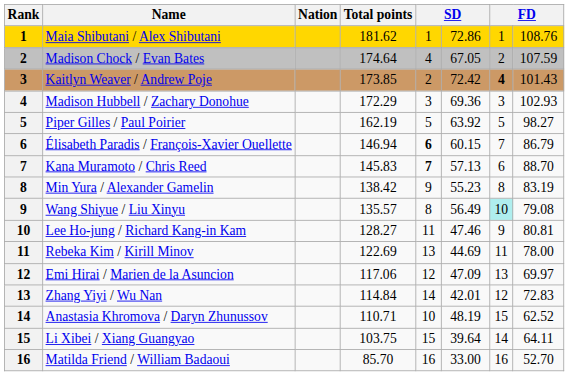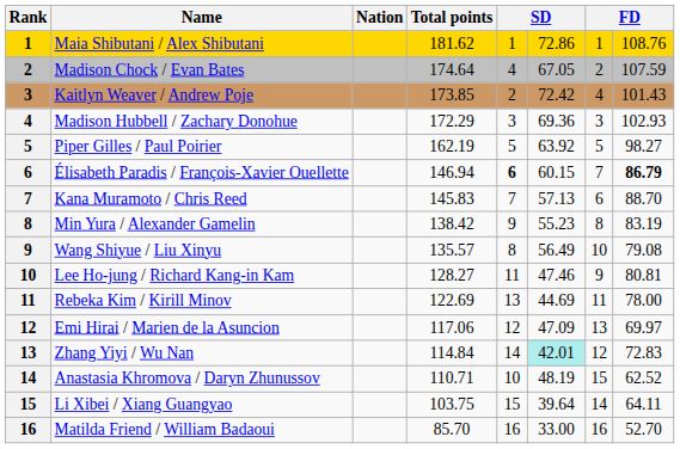 <table class="wikitable sortable">
 <tr>
 <th>Rank</th>
 <th>Name</th>
 <th>Nation</th>
 <th>Total points</th>
 <th colspan="2" width="80px"><a href='#'>SD</a></th>
 <th colspan="2" width="80px"><a href='#'>FD</a></th>
 </tr>
 <tr bgcolor="gold">
 <td align="center"><strong>1</strong></td>
 <td><a href='#'>Maia Shibutani</a> / <a href='#'>Alex Shibutani</a></td>
 <td></td>
 <td align="center">181.62</td>
 <td align="center">1</td>
 <td align="center">72.86</td>
 <td align="center">1</td>
 <td align="center">108.76</td>
 </tr>
 <tr bgcolor="silver">
 <td align="center"><strong>2</strong></td>
 <td><a href='#'>Madison Chock</a> / <a href='#'>Evan Bates</a></td>
 <td></td>
 <td align="center">174.64</td>
 <td align="center">4</td>
 <td align="center">67.05</td>
 <td align="center">2</td>
 <td align="center">107.59</td>
 </tr>
 <tr bgcolor="cc9966">
 <td align="center"><strong>3</strong></td>
 <td><a href='#'>Kaitlyn Weaver</a> / <a href='#'>Andrew Poje</a></td>
 <td></td>
 <td align="center">173.85</td>
 <td align="center">2</td>
 <td align="center">72.42</td>
-<td align="center"><strong>4</strong></td>
+<td align="center">4</td>
 <td align="center">101.43</td>
 </tr>
 <tr>
 <th>4</th>
 <td><a href='#'>Madison Hubbell</a> / <a href='#'>Zachary Donohue</a></td>
 <td></td>
 <td align="center">172.29</td>
 <td align="center">3</td>
 <td align="center">69.36</td>
 <td align="center">3</td>
 <td align="center">102.93</td>
 </tr>
 <tr>
 <th>5</th>
 <td><a href='#'>Piper Gilles</a> / <a href='#'>Paul Poirier</a></td>
 <td></td>
 <td align="center">162.19</td>
 <td align="center">5</td>
 <td align="center">63.92</td>
 <td align="center">5</td>
 <td align="center">98.27</td>
 </tr>
 <tr>
 <th>6</th>
 <td><a href='#'>Élisabeth Paradis</a> / <a href='#'>François-Xavier Ouellette</a></td>
 <td></td>
 <td align="center">146.94</td>
 <td align="center"><strong>6</strong></td>
 <td align="center">60.15</td>
 <td align="center">7</td>
-<td align="center">86.79</td>
+<td align="center"><strong>86.79</strong></td>
 </tr>
 <tr>
 <th>7</th>
 <td><a href='#'>Kana Muramoto</a> / <a href='#'>Chris Reed</a></td>
 <td></td>
 <td align="center">145.83</td>
-<td align="center"><strong>7</strong></td>
+<td align="center">7</td>
 <td align="center">57.13</td>
 <td align="center">6</td>
 <td align="center">88.70</td>
 </tr>
 <tr>
 <th>8</th>
 <td><a href='#'>Min Yura</a> / <a href='#'>Alexander Gamelin</a></td>
 <td></td>
 <td align="center">138.42</td>
 <td align="center">9</td>
 <td align="center">55.23</td>
 <td align="center">8</td>
 <td align="center">83.19</td>
 </tr>
 <tr>
 <th>9</th>
 <td><a href='#'>Wang Shiyue</a> / <a href='#'>Liu Xinyu</a></td>
 <td></td>
 <td align="center">135.57</td>
 <td align="center">8</td>
 <td align="center">56.49</td>
-<td align="center" style="background: paleturquoise;">10</td>
+<td align="center">10</td>
 <td align="center">79.08</td>
 </tr>
 <tr>
 <th>10</th>
 <td><a href='#'>Lee Ho-jung</a> / <a href='#'>Richard Kang-in Kam</a></td>
 <td></td>
 <td align="center">128.27</td>
 <td align="center">11</td>
 <td align="center">47.46</td>
 <td align="center">9</td>
 <td align="center">80.81</td>
 </tr>
 <tr>
 <th>11</th>
 <td><a href='#'>Rebeka Kim</a> / <a href='#'>Kirill Minov</a></td>
 <td></td>
 <td align="center">122.69</td>
 <td align="center">13</td>
 <td align="center">44.69</td>
 <td align="center">11</td>
 <td align="center">78.00</td>
 </tr>
 <tr>
 <th>12</th>
 <td><a href='#'>Emi Hirai</a> / <a href='#'>Marien de la Asuncion</a></td>
 <td></td>
 <td align="center">117.06</td>
 <td align="center">12</td>
 <td align="center">47.09</td>
 <td align="center">13</td>
 <td align="center">69.97</td>
 </tr>
 <tr>
 <th>13</th>
 <td><a href='#'>Zhang Yiyi</a> / <a href='#'>Wu Nan</a></td>
 <td></td>
 <td align="center">114.84</td>
 <td align="center">14</td>
-<td align="center">42.01</td>
+<td align="center" style="background: paleturquoise;">42.01</td>
 <td align="center">12</td>
 <td align="center">72.83</td>
 </tr>
 <tr>
 <th>14</th>
 <td><a href='#'>Anastasia Khromova</a> / <a href='#'>Daryn Zhunussov</a></td>
 <td></td>
 <td align="center">110.71</td>
 <td align="center">10</td>
 <td align="center">48.19</td>
 <td align="center">15</td>
 <td align="center">62.52</td>
 </tr>
 <tr>
 <th>15</th>
 <td><a href='#'>Li Xibei</a> / <a href='#'>Xiang Guangyao</a></td>
 <td></td>
 <td align="center">103.75</td>
 <td align="center">15</td>
 <td align="center">39.64</td>
 <td align="center">14</td>
 <td align="center">64.11</td>
 </tr>
 <tr>
 <th>16</th>
 <td><a href='#'>Matilda Friend</a> / <a href='#'>William Badaoui</a></td>
 <td></td>
 <td align="center">85.70</td>
 <td align="center">16</td>
 <td align="center">33.00</td>
 <td align="center">16</td>
 <td align="center">52.70</td>
 </tr>
 </table>
